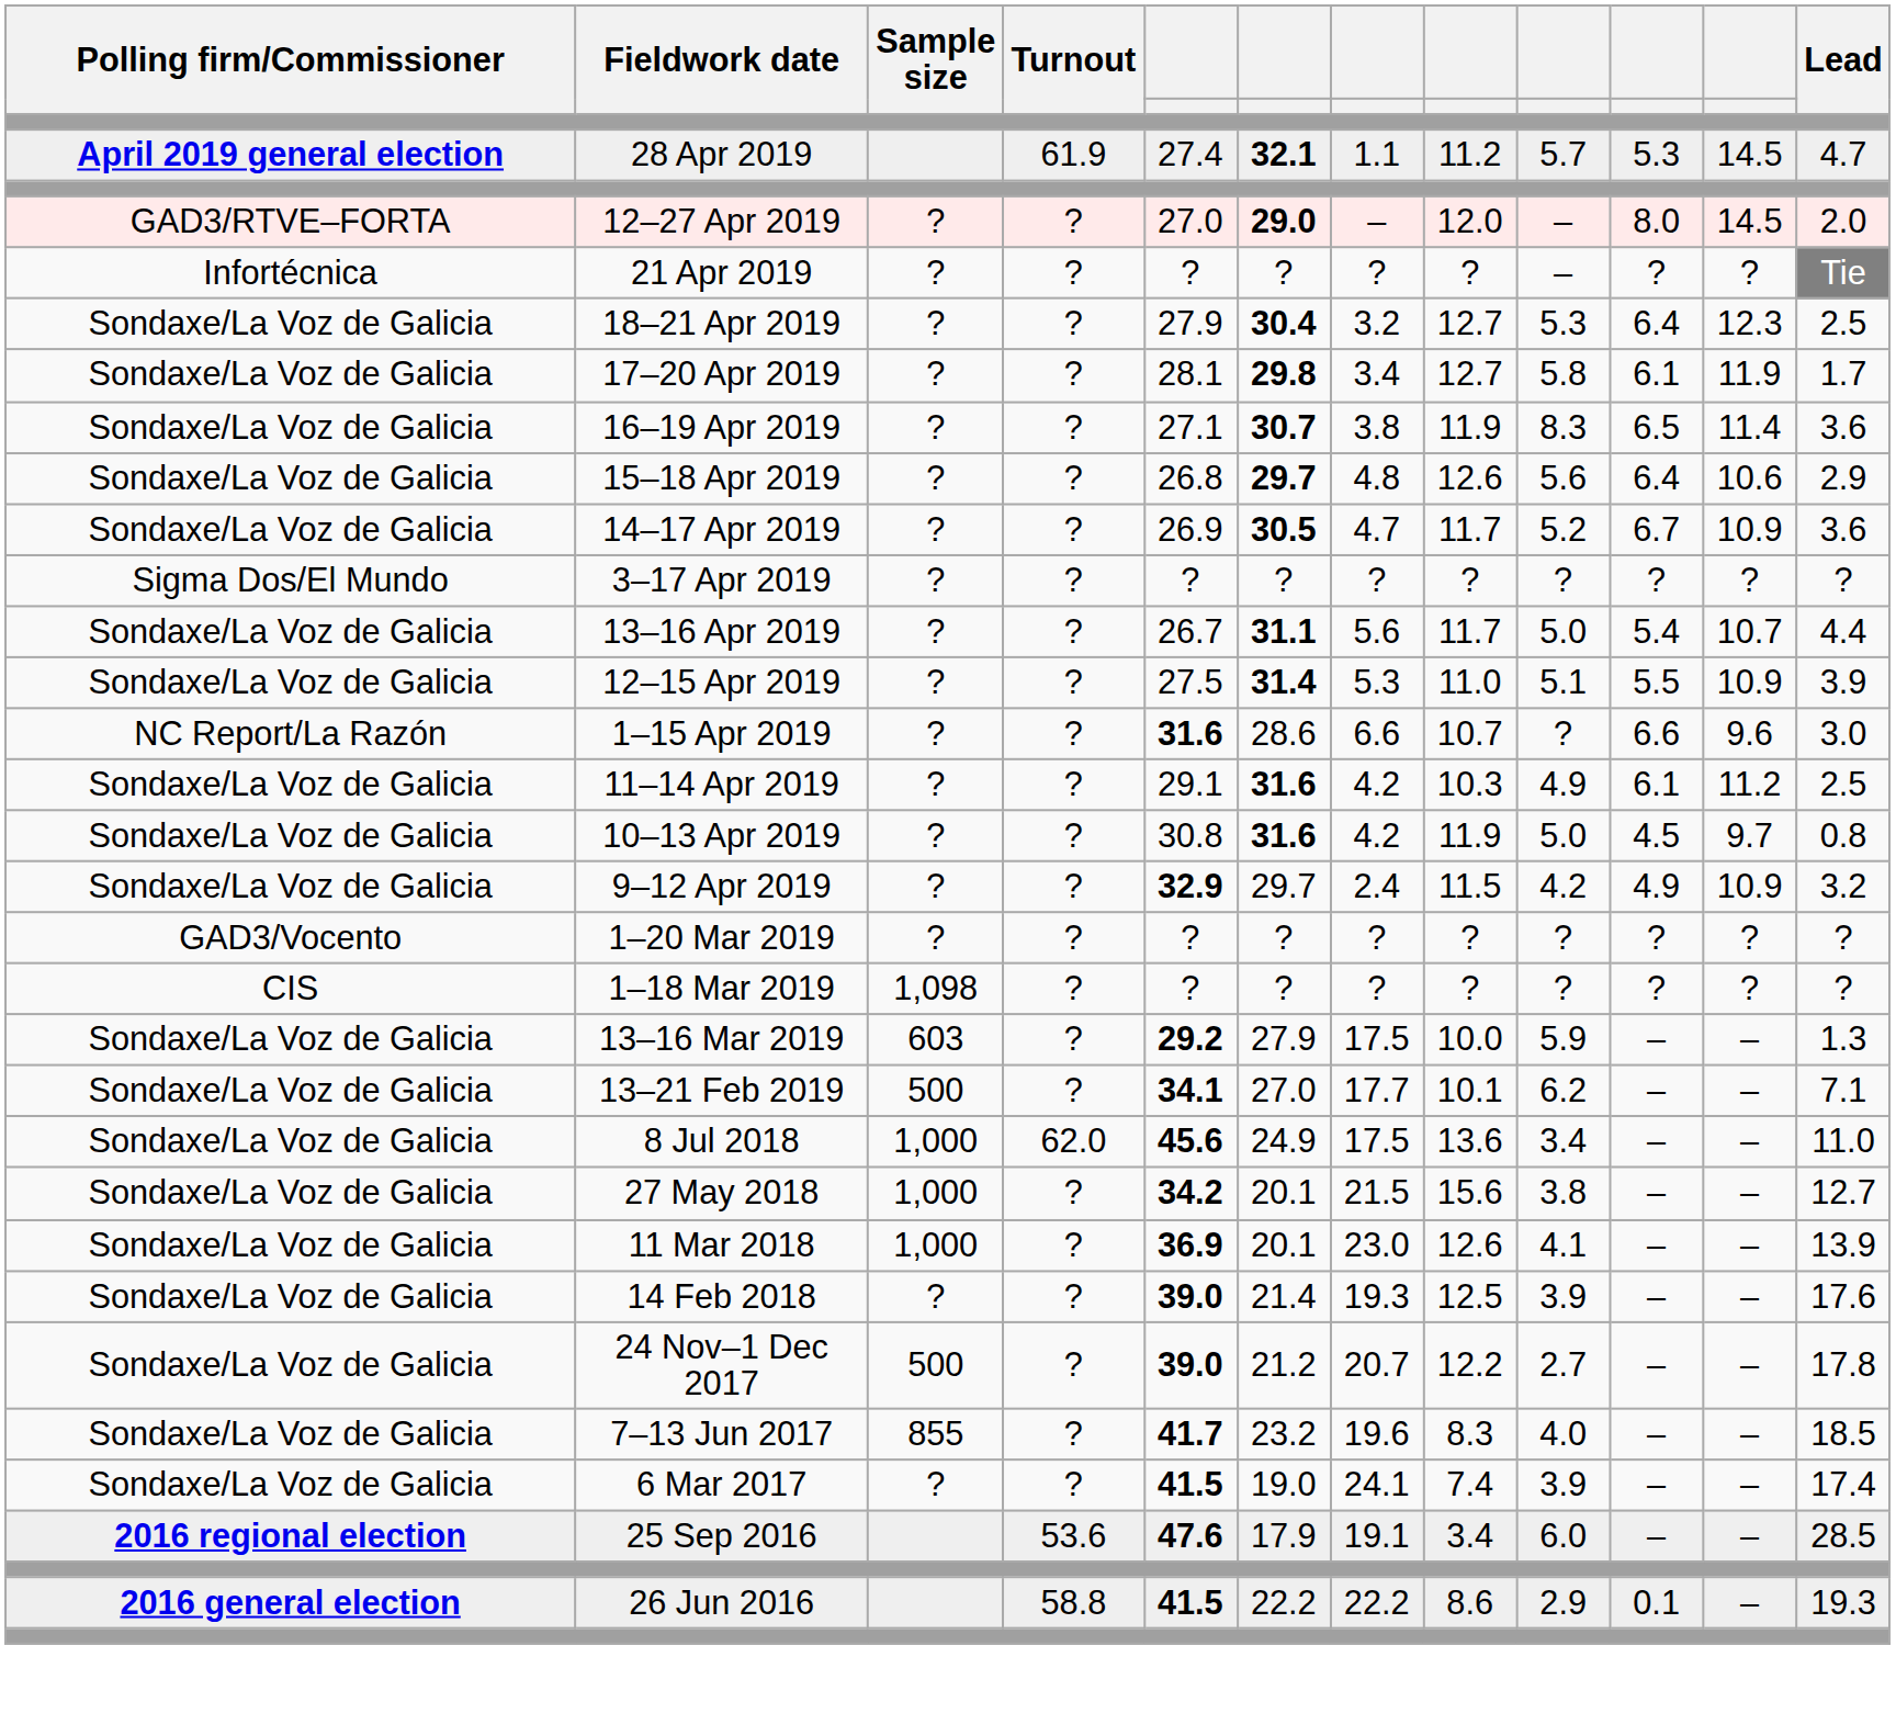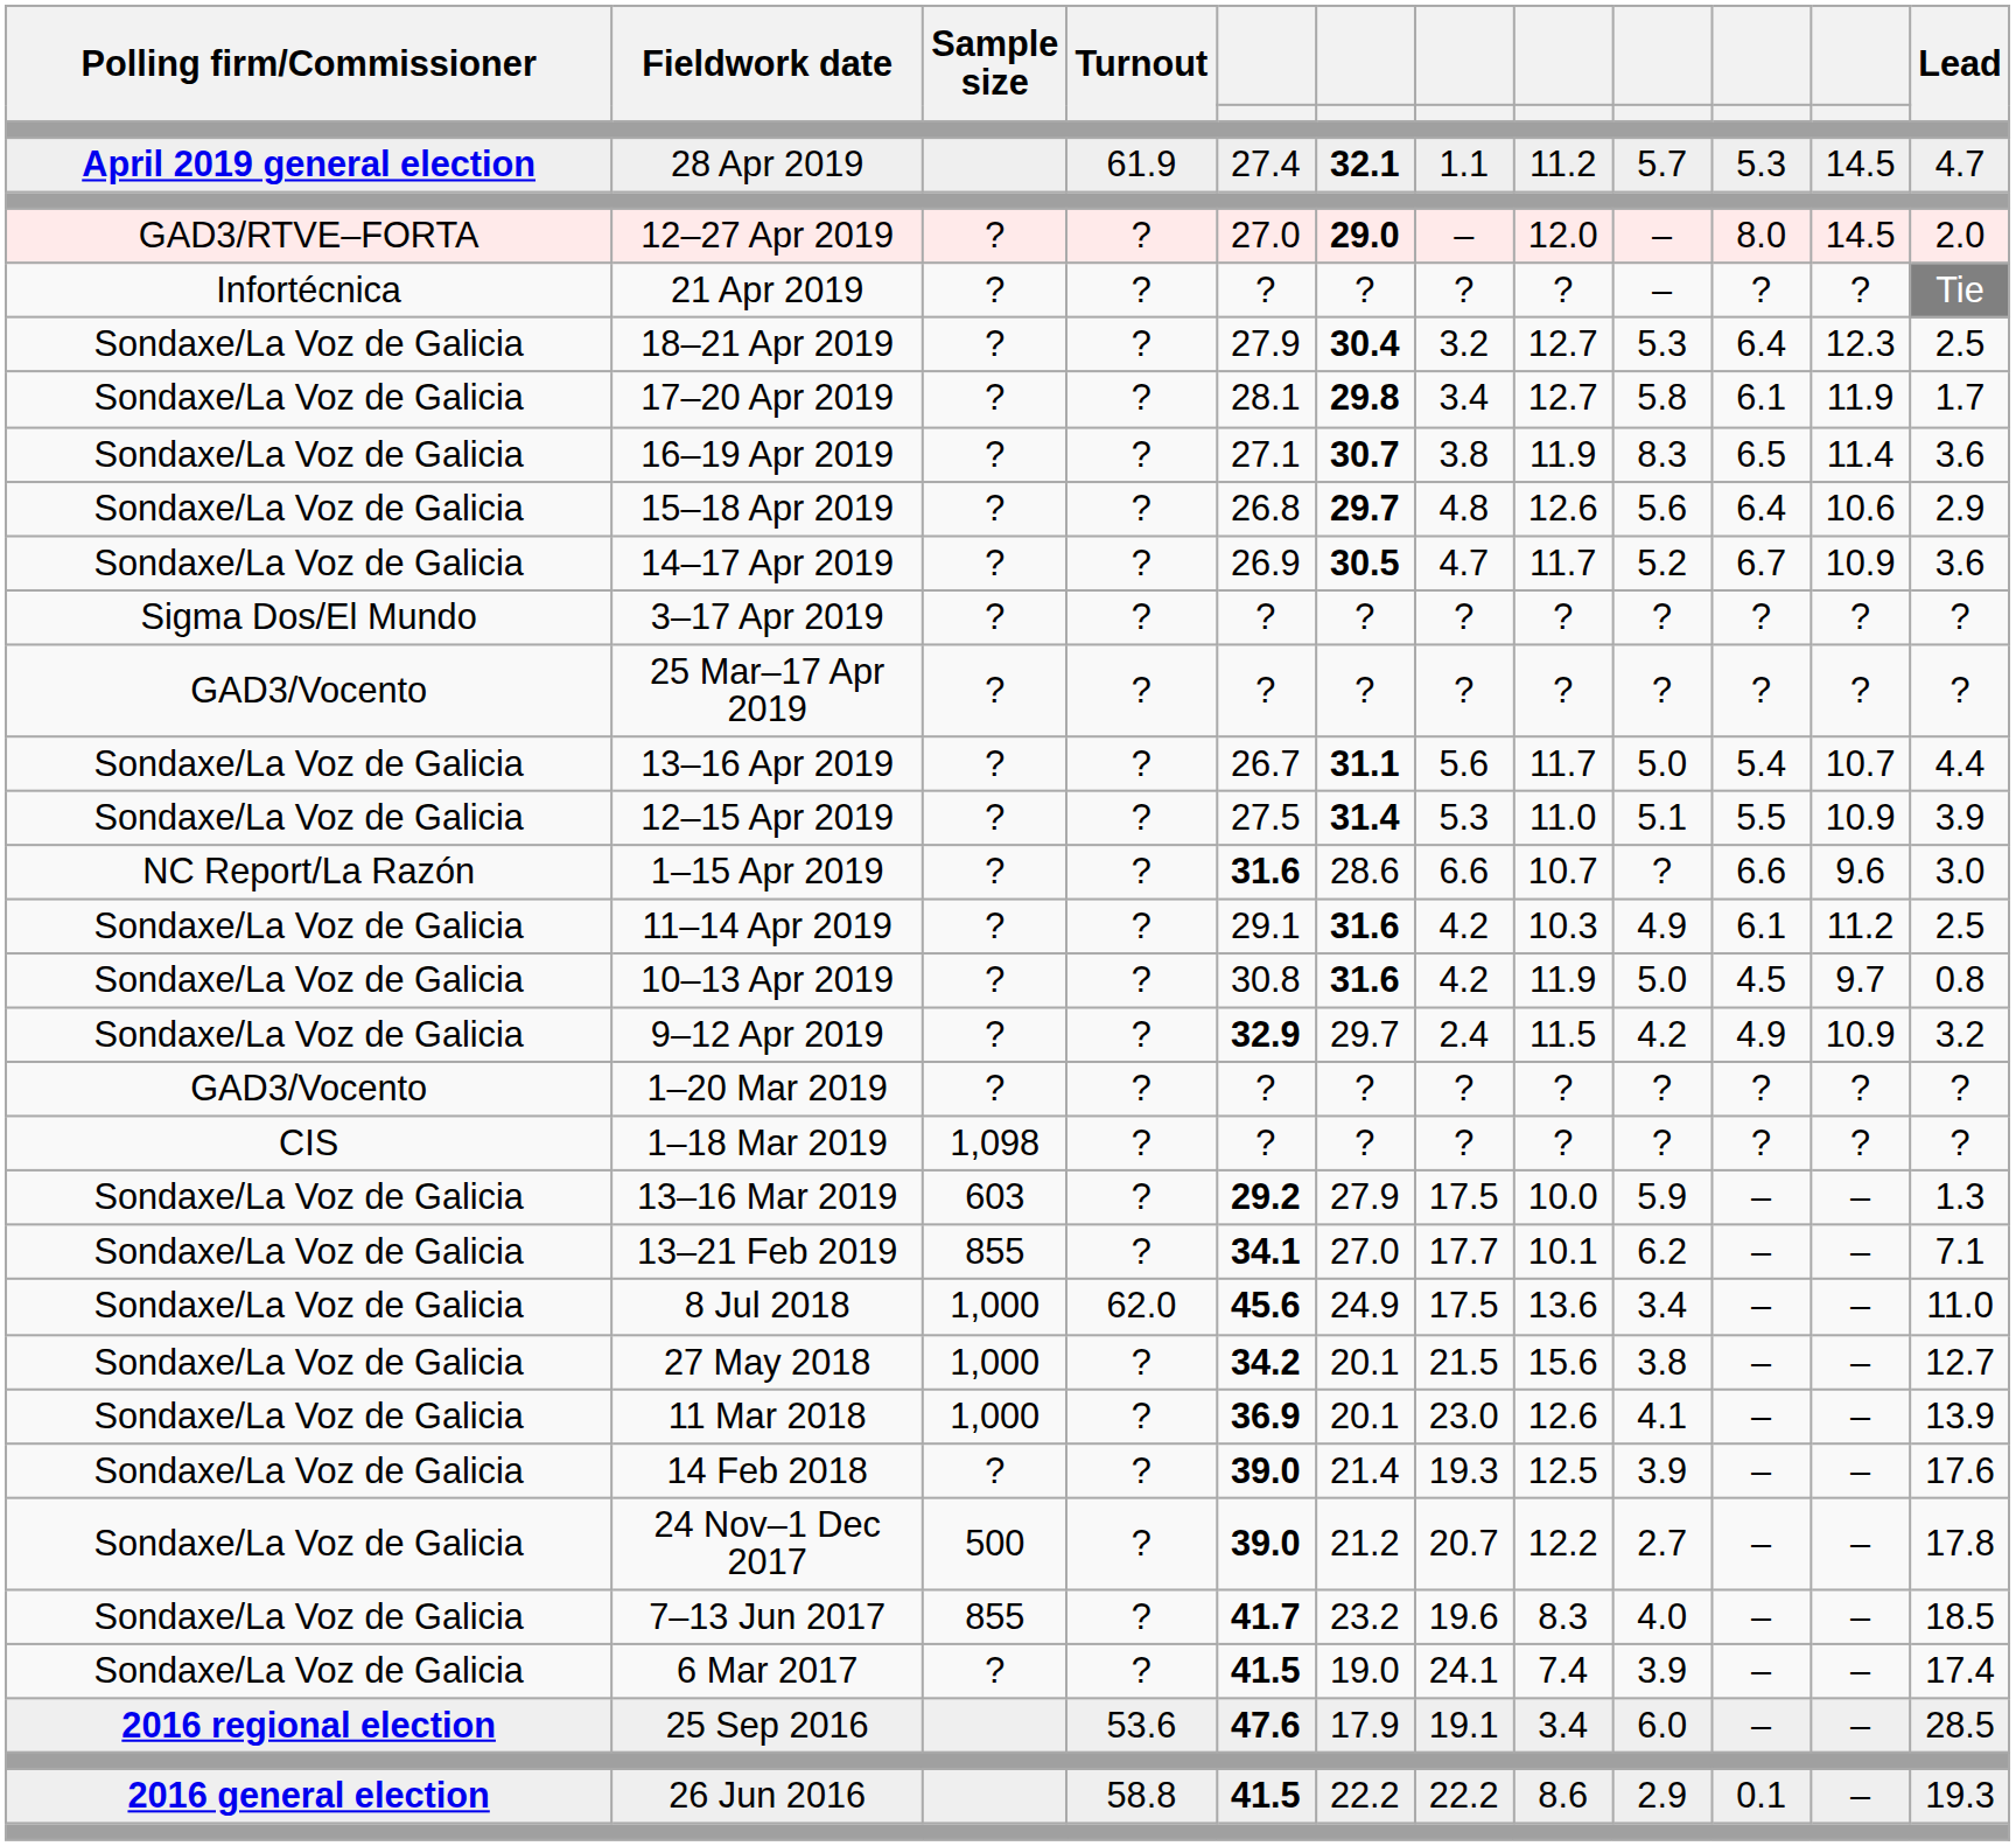 <table class="wikitable collapsible collapsed" style="text-align:center; font-size:95%; line-height:16px;">
 <tr style="height:42px;">
 <th style="width:250px;" rowspan="2">Polling firm/Commissioner</th>
 <th style="width:125px;" rowspan="2">Fieldwork date</th>
 <th style="width:50px;" rowspan="2">Sample size</th>
 <th style="width:45px;" rowspan="2">Turnout</th>
 <th style="width:35px;"></th>
 <th style="width:35px;"></th>
 <th style="width:35px;"></th>
 <th style="width:35px;"></th>
 <th style="width:35px;"></th>
 <th style="width:35px;"></th>
 <th style="width:35px;"></th>
 <th style="width:30px;" rowspan="2">Lead</th>
 </tr>
 <tr>
 <th style="color:inherit;background:"></th>
 <th style="color:inherit;background:"></th>
 <th style="color:inherit;background:"></th>
 <th style="color:inherit;background:"></th>
 <th style="color:inherit;background:"></th>
 <th style="color:inherit;background:"></th>
 <th style="color:inherit;background:"></th>
 </tr>
 <tr>
 <td colspan="12" style="background:#A0A0A0"></td>
 </tr>
 <tr style="background:#EFEFEF;">
 <td><strong><a href='#'>April 2019 general election</a></strong></td>
 <td>28 Apr 2019</td>
 <td></td>
 <td>61.9</td>
 <td>27.4<br></td>
 <td><strong>32.1</strong><br></td>
 <td>1.1<br></td>
 <td>11.2<br></td>
 <td>5.7<br></td>
 <td>5.3<br></td>
 <td>14.5<br></td>
 <td style="background:">4.7</td>
 </tr>
 <tr>
 <td colspan="12" style="background:#A0A0A0"></td>
 </tr>
 <tr style="background:#FFEAEA;">
 <td>GAD3/RTVE–FORTA</td>
 <td>12–27 Apr 2019</td>
 <td>?</td>
 <td>?</td>
 <td>27.0<br></td>
 <td><strong>29.0</strong><br></td>
 <td>–</td>
 <td>12.0<br></td>
 <td>–</td>
 <td>8.0<br></td>
 <td>14.5<br></td>
 <td style="background:">2.0</td>
 </tr>
 <tr>
 <td>Infortécnica</td>
 <td>21 Apr 2019</td>
 <td>?</td>
 <td>?</td>
 <td>?<br></td>
 <td>?<br></td>
 <td>?<br></td>
 <td>?<br></td>
 <td>–</td>
 <td>?<br></td>
 <td>?<br></td>
 <td style="background:gray;color:white;">Tie</td>
 </tr>
 <tr>
 <td>Sondaxe/La Voz de Galicia</td>
 <td>18–21 Apr 2019</td>
 <td>?</td>
 <td>?</td>
 <td>27.9<br></td>
 <td><strong>30.4</strong><br></td>
 <td>3.2<br></td>
 <td>12.7<br></td>
 <td>5.3<br></td>
 <td>6.4<br></td>
 <td>12.3<br></td>
 <td style="background:">2.5</td>
 </tr>
 <tr>
 <td>Sondaxe/La Voz de Galicia</td>
 <td>17–20 Apr 2019</td>
 <td>?</td>
 <td>?</td>
 <td>28.1<br></td>
 <td><strong>29.8</strong><br></td>
 <td>3.4<br></td>
 <td>12.7<br></td>
 <td>5.8<br></td>
 <td>6.1<br></td>
 <td>11.9<br></td>
 <td style="background:">1.7</td>
 </tr>
 <tr>
 <td>Sondaxe/La Voz de Galicia</td>
 <td>16–19 Apr 2019</td>
 <td>?</td>
 <td>?</td>
 <td>27.1<br></td>
 <td><strong>30.7</strong><br></td>
 <td>3.8<br></td>
 <td>11.9<br></td>
 <td>8.3<br></td>
 <td>6.5<br></td>
 <td>11.4<br></td>
 <td style="background:">3.6</td>
 </tr>
 <tr>
 <td>Sondaxe/La Voz de Galicia</td>
 <td>15–18 Apr 2019</td>
 <td>?</td>
 <td>?</td>
 <td>26.8<br></td>
 <td><strong>29.7</strong><br></td>
 <td>4.8<br></td>
 <td>12.6<br></td>
 <td>5.6<br></td>
 <td>6.4<br></td>
 <td>10.6<br></td>
 <td style="background:">2.9</td>
 </tr>
 <tr>
 <td>Sondaxe/La Voz de Galicia</td>
 <td>14–17 Apr 2019</td>
 <td>?</td>
 <td>?</td>
 <td>26.9<br></td>
 <td><strong>30.5</strong><br></td>
 <td>4.7<br></td>
 <td>11.7<br></td>
 <td>5.2<br></td>
 <td>6.7<br></td>
 <td>10.9<br></td>
 <td style="background:">3.6</td>
 </tr>
 <tr>
 <td>Sigma Dos/El Mundo</td>
 <td>3–17 Apr 2019</td>
 <td>?</td>
 <td>?</td>
 <td>?<br></td>
 <td>?<br></td>
 <td>?<br></td>
 <td>?<br></td>
 <td>?<br></td>
 <td>?<br></td>
 <td>?<br></td>
 <td style="background:">?</td>
 </tr>
 <tr>
+<td>GAD3/Vocento</td>
+<td>25 Mar–17 Apr 2019</td>
+<td>?</td>
+<td>?</td>
+<td>?<br></td>
+<td>?<br></td>
+<td>?<br></td>
+<td>?<br></td>
+<td>?<br></td>
+<td>?<br></td>
+<td>?<br></td>
+<td style="background:">?</td>
+</tr>
+<tr>
 <td>Sondaxe/La Voz de Galicia</td>
 <td>13–16 Apr 2019</td>
 <td>?</td>
 <td>?</td>
 <td>26.7<br></td>
 <td><strong>31.1</strong><br></td>
 <td>5.6<br></td>
 <td>11.7<br></td>
 <td>5.0<br></td>
 <td>5.4<br></td>
 <td>10.7<br></td>
 <td style="background:">4.4</td>
 </tr>
 <tr>
 <td>Sondaxe/La Voz de Galicia</td>
 <td>12–15 Apr 2019</td>
 <td>?</td>
 <td>?</td>
 <td>27.5<br></td>
 <td><strong>31.4</strong><br></td>
 <td>5.3<br></td>
 <td>11.0<br></td>
 <td>5.1<br></td>
 <td>5.5<br></td>
 <td>10.9<br></td>
 <td style="background:">3.9</td>
 </tr>
 <tr>
 <td>NC Report/La Razón</td>
 <td>1–15 Apr 2019</td>
 <td>?</td>
 <td>?</td>
 <td><strong>31.6</strong><br></td>
 <td>28.6<br></td>
 <td>6.6<br></td>
 <td>10.7<br></td>
 <td>?<br></td>
 <td>6.6<br></td>
 <td>9.6<br></td>
 <td style="background:">3.0</td>
 </tr>
 <tr>
 <td>Sondaxe/La Voz de Galicia</td>
 <td>11–14 Apr 2019</td>
 <td>?</td>
 <td>?</td>
 <td>29.1<br></td>
 <td><strong>31.6</strong><br></td>
 <td>4.2<br></td>
 <td>10.3<br></td>
 <td>4.9<br></td>
 <td>6.1<br></td>
 <td>11.2<br></td>
 <td style="background:">2.5</td>
 </tr>
 <tr>
 <td>Sondaxe/La Voz de Galicia</td>
 <td>10–13 Apr 2019</td>
 <td>?</td>
 <td>?</td>
 <td>30.8<br></td>
 <td><strong>31.6</strong><br></td>
 <td>4.2<br></td>
 <td>11.9<br></td>
 <td>5.0<br></td>
 <td>4.5<br></td>
 <td>9.7<br></td>
 <td style="background:">0.8</td>
 </tr>
 <tr>
 <td>Sondaxe/La Voz de Galicia</td>
 <td>9–12 Apr 2019</td>
 <td>?</td>
 <td>?</td>
 <td><strong>32.9</strong><br></td>
 <td>29.7<br></td>
 <td>2.4<br></td>
 <td>11.5<br></td>
 <td>4.2<br></td>
 <td>4.9<br></td>
 <td>10.9<br></td>
 <td style="background:">3.2</td>
 </tr>
 <tr>
 <td>GAD3/Vocento</td>
 <td>1–20 Mar 2019</td>
 <td>?</td>
 <td>?</td>
 <td>?<br></td>
 <td>?<br></td>
 <td>?<br></td>
 <td>?<br></td>
 <td>?<br></td>
 <td>?<br></td>
 <td>?<br></td>
 <td style="background:">?</td>
 </tr>
 <tr>
 <td>CIS</td>
 <td>1–18 Mar 2019</td>
 <td>1,098</td>
 <td>?</td>
 <td>?<br></td>
 <td>?<br></td>
 <td>?<br></td>
 <td>?<br></td>
 <td>?<br></td>
 <td>?<br></td>
 <td>?<br></td>
 <td style="background:">?</td>
 </tr>
 <tr>
 <td>Sondaxe/La Voz de Galicia</td>
 <td>13–16 Mar 2019</td>
 <td>603</td>
 <td>?</td>
 <td><strong>29.2</strong><br></td>
 <td>27.9<br></td>
 <td>17.5<br></td>
 <td>10.0<br></td>
 <td>5.9<br></td>
 <td>–</td>
 <td>–</td>
 <td style="background:">1.3</td>
 </tr>
 <tr>
 <td>Sondaxe/La Voz de Galicia</td>
 <td>13–21 Feb 2019</td>
-<td>500</td>
+<td>855</td>
 <td>?</td>
 <td><strong>34.1</strong><br></td>
 <td>27.0<br></td>
 <td>17.7<br></td>
 <td>10.1<br></td>
 <td>6.2<br></td>
 <td>–</td>
 <td>–</td>
 <td style="background:">7.1</td>
 </tr>
 <tr>
 <td>Sondaxe/La Voz de Galicia</td>
 <td>8 Jul 2018</td>
 <td>1,000</td>
 <td>62.0</td>
 <td><strong>45.6</strong></td>
 <td>24.9</td>
 <td>17.5</td>
 <td>13.6</td>
 <td>3.4</td>
 <td>–</td>
 <td>–</td>
 <td style="background:">11.0</td>
 </tr>
 <tr>
 <td>Sondaxe/La Voz de Galicia</td>
 <td>27 May 2018</td>
 <td>1,000</td>
 <td>?</td>
 <td><strong>34.2</strong></td>
 <td>20.1</td>
 <td>21.5</td>
 <td>15.6</td>
 <td>3.8</td>
 <td>–</td>
 <td>–</td>
 <td style="background:">12.7</td>
 </tr>
 <tr>
 <td>Sondaxe/La Voz de Galicia</td>
 <td>11 Mar 2018</td>
 <td>1,000</td>
 <td>?</td>
 <td><strong>36.9</strong></td>
 <td>20.1</td>
 <td>23.0</td>
 <td>12.6</td>
 <td>4.1</td>
 <td>–</td>
 <td>–</td>
 <td style="background:">13.9</td>
 </tr>
 <tr>
 <td>Sondaxe/La Voz de Galicia</td>
 <td>14 Feb 2018</td>
 <td>?</td>
 <td>?</td>
 <td><strong>39.0</strong></td>
 <td>21.4</td>
 <td>19.3</td>
 <td>12.5</td>
 <td>3.9</td>
 <td>–</td>
 <td>–</td>
 <td style="background:">17.6</td>
 </tr>
 <tr>
 <td>Sondaxe/La Voz de Galicia</td>
 <td>24 Nov–1 Dec 2017</td>
 <td>500</td>
 <td>?</td>
 <td><strong>39.0</strong></td>
 <td>21.2</td>
 <td>20.7</td>
 <td>12.2</td>
 <td>2.7</td>
 <td>–</td>
 <td>–</td>
 <td style="background:">17.8</td>
 </tr>
 <tr>
 <td>Sondaxe/La Voz de Galicia</td>
 <td>7–13 Jun 2017</td>
 <td>855</td>
 <td>?</td>
 <td><strong>41.7</strong></td>
 <td>23.2</td>
 <td>19.6</td>
 <td>8.3</td>
 <td>4.0</td>
 <td>–</td>
 <td>–</td>
 <td style="background:">18.5</td>
 </tr>
 <tr>
 <td>Sondaxe/La Voz de Galicia</td>
 <td>6 Mar 2017</td>
 <td>?</td>
 <td>?</td>
 <td><strong>41.5</strong></td>
 <td>19.0</td>
 <td>24.1</td>
 <td>7.4</td>
 <td>3.9</td>
 <td>–</td>
 <td>–</td>
 <td style="background:">17.4</td>
 </tr>
 <tr style="background:#EFEFEF;">
 <td><strong><a href='#'>2016 regional election</a></strong></td>
 <td>25 Sep 2016</td>
 <td></td>
 <td>53.6</td>
 <td><strong>47.6</strong><br></td>
 <td>17.9<br></td>
 <td>19.1<br></td>
 <td>3.4<br></td>
 <td>6.0<br></td>
 <td>–</td>
 <td>–</td>
 <td style="background:">28.5</td>
 </tr>
 <tr>
 <td colspan="12" style="background:#A0A0A0"></td>
 </tr>
 <tr style="background:#EFEFEF;">
 <td><strong><a href='#'>2016 general election</a></strong></td>
 <td>26 Jun 2016</td>
 <td></td>
 <td>58.8</td>
 <td><strong>41.5</strong><br></td>
 <td>22.2<br></td>
 <td>22.2<br></td>
 <td>8.6<br></td>
 <td>2.9<br></td>
 <td>0.1<br></td>
 <td>–</td>
 <td style="background:">19.3</td>
 </tr>
 <tr>
 <td colspan="12" style="background:#A0A0A0"></td>
 </tr>
 </table>
